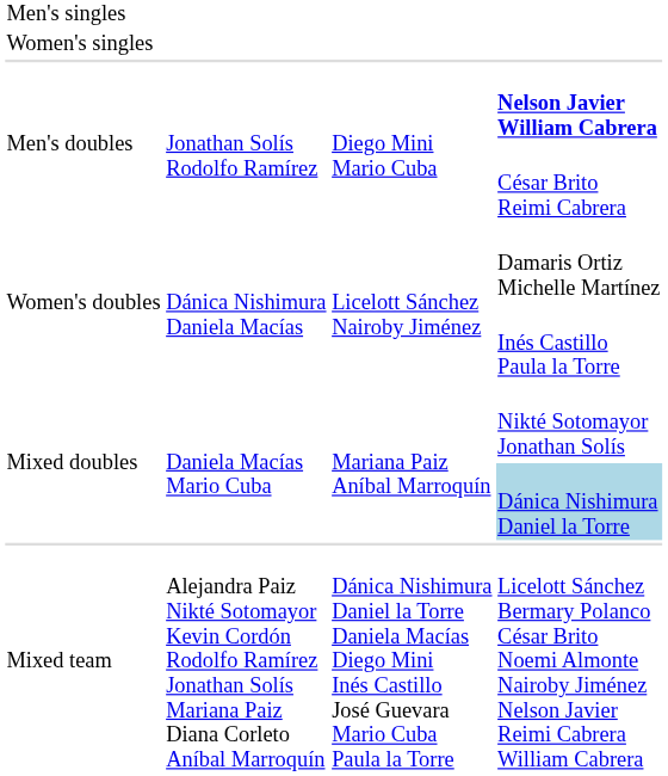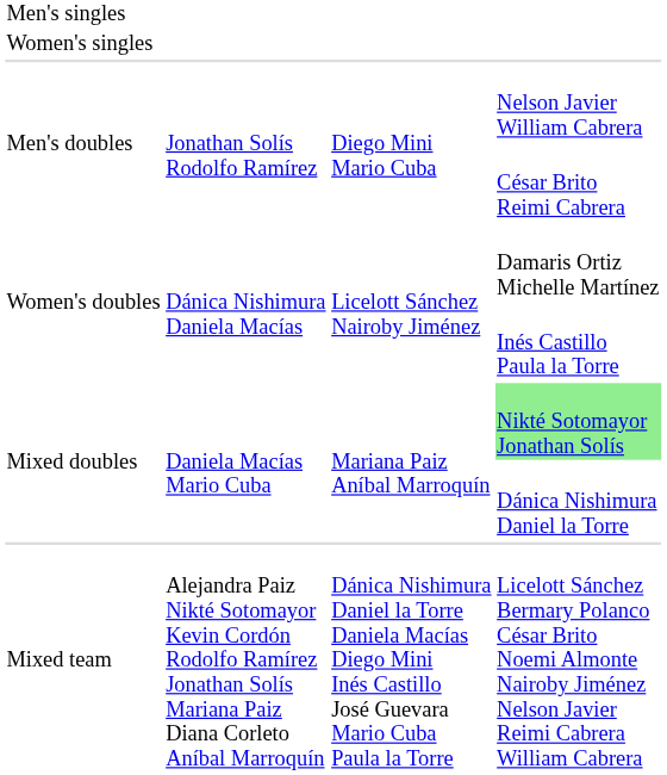 <table>
 <tr>
 <td rowspan=2>Men's singles</td>
 <td rowspan=2></td>
 <td rowspan=2></td>
 <td></td>
 </tr>
 <tr>
 <td></td>
 </tr>
 <tr>
 <td rowspan=2>Women's singles</td>
 <td rowspan=2></td>
 <td rowspan=2></td>
 <td></td>
 </tr>
 <tr>
 <td></td>
 </tr>
 <tr bgcolor=#dddddd>
 <td colspan=4></td>
 </tr>
 <tr>
 <td rowspan=2>Men's doubles</td>
 <td rowspan=2><br><a href='#'>Jonathan Solís</a><br><a href='#'>Rodolfo Ramírez</a></td>
 <td rowspan=2><br><a href='#'>Diego Mini</a><br><a href='#'>Mario Cuba</a></td>
-<td><strong><br><a href='#'>Nelson Javier</a><br><a href='#'>William Cabrera</a></strong></td>
+<td><br><a href='#'>Nelson Javier</a><br><a href='#'>William Cabrera</a></td>
 </tr>
 <tr>
 <td><br><a href='#'>César Brito</a><br><a href='#'>Reimi Cabrera</a></td>
 </tr>
 <tr>
 <td rowspan=2>Women's doubles</td>
 <td rowspan=2 nowrap><br><a href='#'>Dánica Nishimura</a><br><a href='#'>Daniela Macías</a></td>
 <td rowspan=2 nowrap><br><a href='#'>Licelott Sánchez</a><br><a href='#'>Nairoby Jiménez</a></td>
 <td><br>Damaris Ortiz<br>Michelle Martínez</td>
 </tr>
 <tr>
 <td><br><a href='#'>Inés Castillo</a><br><a href='#'>Paula la Torre</a></td>
 </tr>
 <tr>
 <td rowspan=2>Mixed doubles</td>
 <td rowspan=2><br><a href='#'>Daniela Macías</a><br><a href='#'>Mario Cuba</a></td>
 <td rowspan=2 nowrap><br><a href='#'>Mariana Paiz</a><br><a href='#'>Aníbal Marroquín</a></td>
-<td><br><a href='#'>Nikté Sotomayor</a><br><a href='#'>Jonathan Solís</a></td>
+<td style="background: lightgreen;"><br><a href='#'>Nikté Sotomayor</a><br><a href='#'>Jonathan Solís</a></td>
 </tr>
 <tr>
-<td style="background: lightblue;"><br><a href='#'>Dánica Nishimura</a><br><a href='#'>Daniel la Torre</a></td>
+<td><br><a href='#'>Dánica Nishimura</a><br><a href='#'>Daniel la Torre</a></td>
 </tr>
 <tr bgcolor=#dddddd>
 <td colspan=4></td>
 </tr>
 <tr>
 <td>Mixed team</td>
 <td valign=top nowrap><br>Alejandra Paiz<br><a href='#'>Nikté Sotomayor</a><br><a href='#'>Kevin Cordón</a><br><a href='#'>Rodolfo Ramírez</a><br><a href='#'>Jonathan Solís</a><br><a href='#'>Mariana Paiz</a><br>Diana Corleto<br><a href='#'>Aníbal Marroquín</a></td>
 <td valign=top><br><a href='#'>Dánica Nishimura</a><br><a href='#'>Daniel la Torre</a><br><a href='#'>Daniela Macías</a><br><a href='#'>Diego Mini</a><br><a href='#'>Inés Castillo</a><br>José Guevara<br><a href='#'>Mario Cuba</a><br><a href='#'>Paula la Torre</a></td>
 <td valign=top nowrap><br><a href='#'>Licelott Sánchez</a><br><a href='#'>Bermary Polanco</a><br><a href='#'>César Brito</a><br><a href='#'>Noemi Almonte</a><br><a href='#'>Nairoby Jiménez</a><br><a href='#'>Nelson Javier</a><br><a href='#'>Reimi Cabrera</a><br><a href='#'>William Cabrera</a></td>
 </tr>
 </table>
